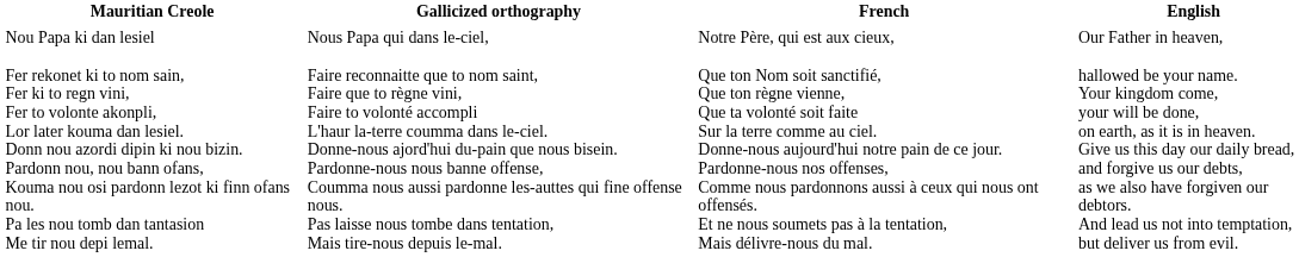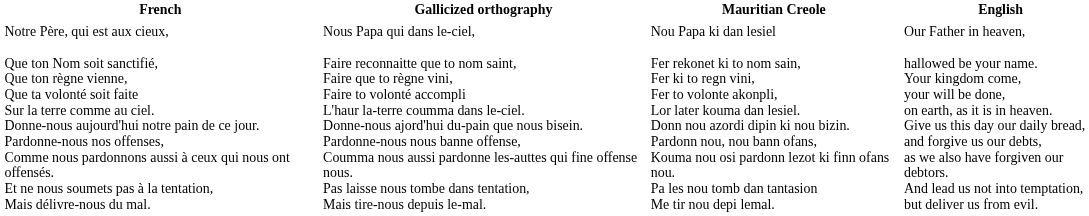 <table border="0" cellpadding="4" cellspacing="0">
 <tr --->
+<th>French</th>
+<th>Gallicized orthography</th>
 <th>Mauritian Creole</th>
-<th>Gallicized orthography</th>
-<th>French</th>
 <th>English</th>
 </tr>
 <tr --- valign="top">
+<td>Notre Père, qui est aux cieux,<br><br>Que ton Nom soit sanctifié,<br> Que ton règne vienne,<br> Que ta volonté soit faite<br> Sur la terre comme au ciel.<br> Donne-nous aujourd'hui notre pain de ce jour.<br> Pardonne-nous nos offenses,<br> Comme nous pardonnons aussi à ceux qui nous ont offensés.<br> Et ne nous soumets pas à la tentation,<br> Mais délivre-nous du mal.<br></td>
+<td>Nous Papa qui dans le-ciel,<br><br>Faire reconnaitte que to nom saint,<br> Faire que to règne vini,<br> Faire to volonté accompli<br> L'haur la-terre coumma dans le-ciel.<br> Donne-nous ajord'hui du-pain que nous bisein.<br> Pardonne-nous nous banne offense,<br> Coumma nous aussi pardonne les-auttes qui fine offense nous.<br> Pas laisse nous tombe dans tentation,<br> Mais tire-nous depuis le-mal.<br></td>
 <td>Nou Papa ki dan lesiel<br><br>Fer rekonet ki to nom sain,<br> Fer ki to regn vini,<br> Fer to volonte akonpli,<br> Lor later kouma dan lesiel.<br> Donn nou azordi dipin ki nou bizin.<br> Pardonn nou, nou bann ofans,<br> Kouma nou osi pardonn lezot ki finn ofans nou.<br> Pa les nou tomb dan tantasion<br> Me tir nou depi lemal.<br></td>
-<td>Nous Papa qui dans le-ciel,<br><br>Faire reconnaitte que to nom saint,<br> Faire que to règne vini,<br> Faire to volonté accompli<br> L'haur la-terre coumma dans le-ciel.<br> Donne-nous ajord'hui du-pain que nous bisein.<br> Pardonne-nous nous banne offense,<br> Coumma nous aussi pardonne les-auttes qui fine offense nous.<br> Pas laisse nous tombe dans tentation,<br> Mais tire-nous depuis le-mal.<br></td>
-<td>Notre Père, qui est aux cieux,<br><br>Que ton Nom soit sanctifié,<br> Que ton règne vienne,<br> Que ta volonté soit faite<br> Sur la terre comme au ciel.<br> Donne-nous aujourd'hui notre pain de ce jour.<br> Pardonne-nous nos offenses,<br> Comme nous pardonnons aussi à ceux qui nous ont offensés.<br> Et ne nous soumets pas à la tentation,<br> Mais délivre-nous du mal.<br></td>
 <td>Our Father in heaven,<br><br>hallowed be your name.<br> Your kingdom come,<br> your will be done,<br> on earth, as it is in heaven.<br> Give us this day our daily bread,<br> and forgive us our debts,<br> as we also have forgiven our debtors.<br> And lead us not into temptation,<br> but deliver us from evil.</td>
 </tr>
 </table>
